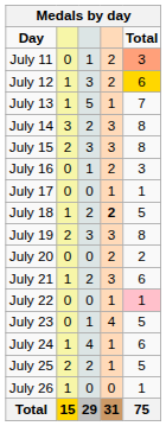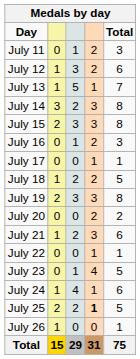 <table class="wikitable" style="font-size:85%; float:right">
 <tr align=center>
 <th colspan=7>Medals by day</th>
 </tr>
 <tr align=center>
 <td><strong>Day</strong></td>
 <td style="background:#f7f6a8;"></td>
 <td style="background:#dce5e5;"></td>
 <td style="background:#ffdab9;"></td>
 <td><strong>Total</strong></td>
 </tr>
 <tr align=center>
 <td>July 11</td>
 <td style="background:#f7f6a8;">0</td>
 <td style="background:#dce5e5;">1</td>
 <td style="background:#ffdab9;">2</td>
-<td style="background: lightsalmon;">3</td>
+<td>3</td>
 </tr>
 <tr align=center>
 <td>July 12</td>
 <td style="background:#f7f6a8;">1</td>
 <td style="background:#dce5e5;">3</td>
 <td style="background:#ffdab9;">2</td>
-<td style="background: gold;">6</td>
+<td>6</td>
 </tr>
 <tr align=center>
 <td>July 13</td>
 <td style="background:#f7f6a8;">1</td>
 <td style="background:#dce5e5;">5</td>
 <td style="background:#ffdab9;">1</td>
 <td>7</td>
 </tr>
 <tr align=center>
 <td>July 14</td>
 <td style="background:#f7f6a8;">3</td>
 <td style="background:#dce5e5;">2</td>
 <td style="background:#ffdab9;">3</td>
 <td>8</td>
 </tr>
 <tr align=center>
 <td>July 15</td>
 <td style="background:#f7f6a8;">2</td>
 <td style="background:#dce5e5;">3</td>
 <td style="background:#ffdab9;">3</td>
 <td>8</td>
 </tr>
 <tr align=center>
 <td>July 16</td>
 <td style="background:#f7f6a8;">0</td>
 <td style="background:#dce5e5;">1</td>
 <td style="background:#ffdab9;">2</td>
 <td>3</td>
 </tr>
 <tr align=center>
 <td>July 17</td>
 <td style="background:#f7f6a8;">0</td>
 <td style="background:#dce5e5;">0</td>
 <td style="background:#ffdab9;">1</td>
 <td>1</td>
 </tr>
 <tr align=center>
 <td>July 18</td>
 <td style="background:#f7f6a8;">1</td>
 <td style="background:#dce5e5;">2</td>
-<td style="background:#ffdab9;"><strong>2</strong></td>
+<td style="background:#ffdab9;">2</td>
 <td>5</td>
 </tr>
 <tr align=center>
 <td>July 19</td>
 <td style="background:#f7f6a8;">2</td>
 <td style="background:#dce5e5;">3</td>
 <td style="background:#ffdab9;">3</td>
 <td>8</td>
 </tr>
 <tr align=center>
 <td>July 20</td>
 <td style="background:#f7f6a8;">0</td>
 <td style="background:#dce5e5;">0</td>
 <td style="background:#ffdab9;">2</td>
 <td>2</td>
 </tr>
 <tr align=center>
 <td>July 21</td>
 <td style="background:#f7f6a8;">1</td>
 <td style="background:#dce5e5;">2</td>
 <td style="background:#ffdab9;">3</td>
 <td>6</td>
 </tr>
 <tr align=center>
 <td>July 22</td>
 <td style="background:#f7f6a8;">0</td>
 <td style="background:#dce5e5;">0</td>
 <td style="background:#ffdab9;">1</td>
-<td style="background: pink;">1</td>
+<td>1</td>
 </tr>
 <tr align=center>
 <td>July 23</td>
 <td style="background:#f7f6a8;">0</td>
 <td style="background:#dce5e5;">1</td>
 <td style="background:#ffdab9;">4</td>
 <td>5</td>
 </tr>
 <tr align=center>
 <td>July 24</td>
 <td style="background:#f7f6a8;">1</td>
 <td style="background:#dce5e5;">4</td>
 <td style="background:#ffdab9;">1</td>
 <td>6</td>
 </tr>
 <tr align=center>
 <td>July 25</td>
 <td style="background:#f7f6a8;">2</td>
 <td style="background:#dce5e5;">2</td>
-<td style="background:#ffdab9;">1</td>
+<td style="background:#ffdab9;"><strong>1</strong></td>
 <td>5</td>
 </tr>
 <tr align=center>
 <td>July 26</td>
 <td style="background:#f7f6a8;">1</td>
 <td style="background:#dce5e5;">0</td>
 <td style="background:#ffdab9;">0</td>
 <td>1</td>
 </tr>
 <tr align=center>
 <th>Total</th>
 <th style="background:gold;">15</th>
 <th style="background:silver;">29</th>
 <th style="background:#c96;">31</th>
 <th>75</th>
 </tr>
 </table>
